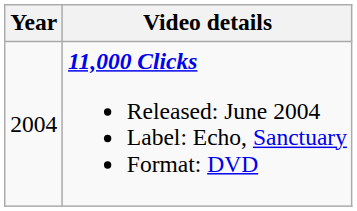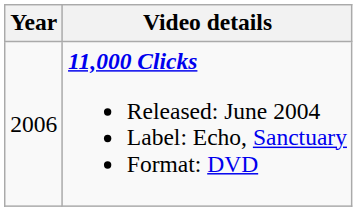 <table class="wikitable" border="1">
 <tr>
 <th scope="col">Year</th>
 <th scope="col">Video details</th>
 </tr>
 <tr>
-<td>2004</td>
+<td>2006</td>
 <td><strong><em><a href='#'>11,000 Clicks</a></em></strong><br><ul><li>Released: June 2004</li><li>Label: Echo, <a href='#'>Sanctuary</a></li><li>Format: <a href='#'>DVD</a></li></ul></td>
 </tr>
 </table>
